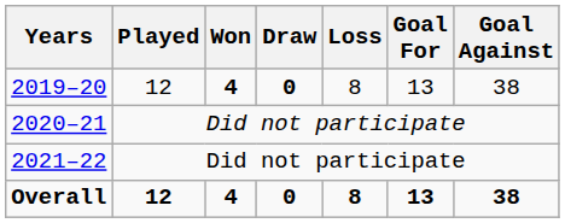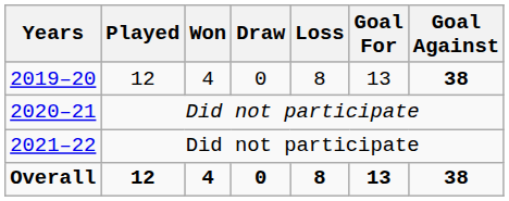 <table class="wikitable" style="width:50%;text-align:center">
 <tr>
 <th width=10>Years</th>
 <th width=10>Played</th>
 <th width=10>Won</th>
 <th width=10>Draw</th>
 <th width=10>Loss</th>
 <th width=10>Goal For</th>
 <th width=10>Goal Against</th>
 </tr>
 <tr>
 <td><a href='#'>2019–20</a></td>
 <td>12</td>
-<td><strong>4</strong></td>
-<td><strong>0</strong></td>
+<td>4</td>
+<td>0</td>
 <td>8</td>
 <td>13</td>
-<td>38</td>
+<td><strong>38</strong></td>
 </tr>
 <tr>
 <td><a href='#'>2020–21</a></td>
 <td colspan=8><em>Did not participate</td>
 </tr>
 <tr>
 <td><a href='#'>2021–22</a></td>
 <td colspan=8></em>Did not participate<em></td>
 </tr>
 <tr>
 <td><strong>Overall</strong></td>
 <td><strong>12</strong></td>
 <td><strong>4</strong></td>
 <td><strong>0</strong></td>
 <td><strong>8</strong></td>
 <td><strong>13</strong></td>
 <td><strong>38</strong></td>
 </tr>
 </table>
